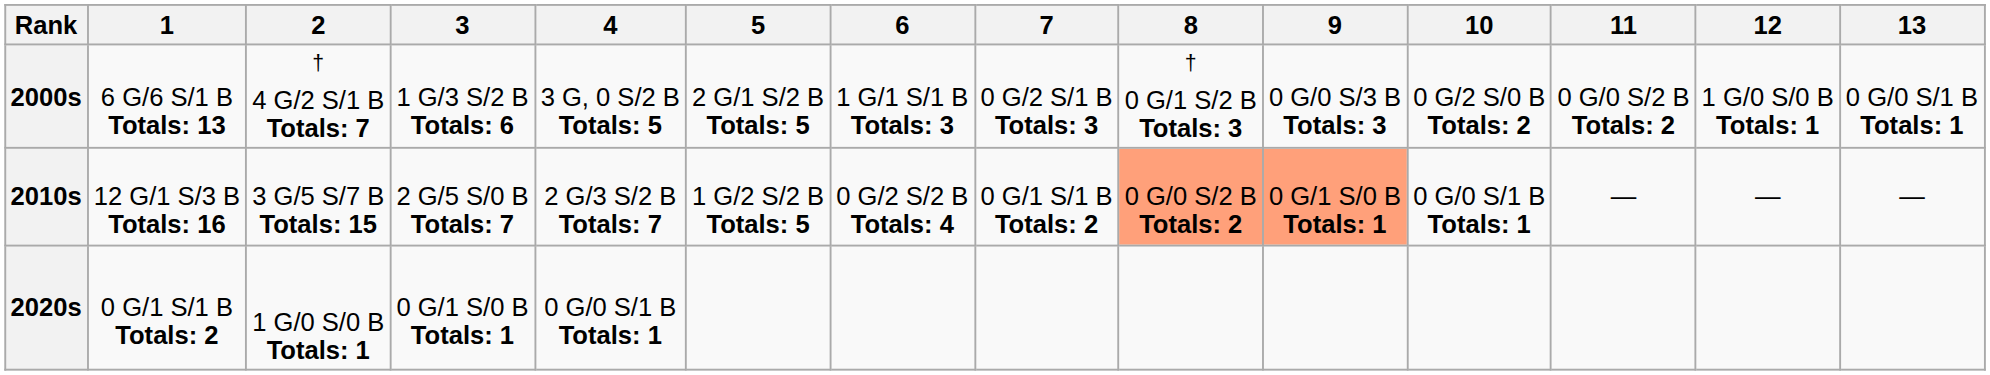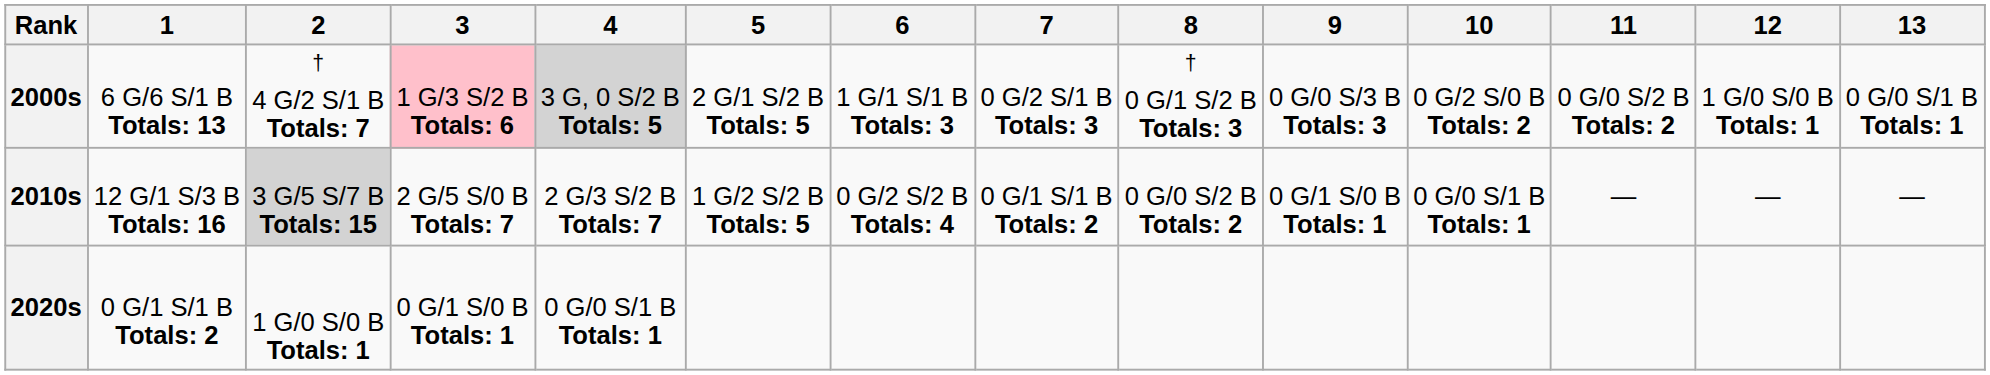 <table class="wikitable" style="text-align: center; font-size: 85%; margin-left: 1em;">
 <tr>
 <th>Rank</th>
 <th>1</th>
 <th>2</th>
 <th>3</th>
 <th>4</th>
 <th>5</th>
 <th>6</th>
 <th>7</th>
 <th>8</th>
 <th>9</th>
 <th>10</th>
 <th>11</th>
 <th>12</th>
 <th>13</th>
 </tr>
 <tr>
 <th>2000s</th>
 <td><br>6 G/6 S/1 B<br><strong>Totals: 13</strong></td>
 <td><em></em><sup>†</sup><br>4 G/2 S/1 B<br><strong>Totals: 7</strong></td>
-<td><br>1 G/3 S/2 B<br><strong>Totals: 6</strong></td>
-<td><br>3 G, 0 S/2 B<br><strong>Totals: 5</strong></td>
+<td style="background: pink;"><br>1 G/3 S/2 B<br><strong>Totals: 6</strong></td>
+<td style="background: lightgrey;"><br>3 G, 0 S/2 B<br><strong>Totals: 5</strong></td>
 <td><br>2 G/1 S/2 B<br><strong>Totals: 5</strong></td>
 <td><br>1 G/1 S/1 B<br><strong>Totals: 3</strong></td>
 <td><br>0 G/2 S/1 B<br><strong>Totals: 3</strong></td>
 <td><em></em><sup>†</sup><br>0 G/1 S/2 B<br><strong>Totals: 3</strong></td>
 <td><br>0 G/0 S/3 B<br><strong>Totals: 3</strong></td>
 <td><br>0 G/2 S/0 B<br><strong>Totals: 2</strong></td>
 <td><br>0 G/0 S/2 B<br><strong>Totals: 2</strong></td>
 <td><br>1 G/0 S/0 B<br><strong>Totals: 1</strong></td>
 <td><br>0 G/0 S/1 B<br><strong>Totals: 1</strong></td>
 </tr>
 <tr>
 <th>2010s</th>
 <td><br>12 G/1 S/3 B<br><strong>Totals: 16</strong></td>
-<td><br>3 G/5 S/7 B<br><strong>Totals: 15</strong></td>
+<td style="background: lightgrey;"><br>3 G/5 S/7 B<br><strong>Totals: 15</strong></td>
 <td><br>2 G/5 S/0 B<br><strong>Totals: 7</strong></td>
 <td><br>2 G/3 S/2 B<br><strong>Totals: 7</strong></td>
 <td><br>1 G/2 S/2 B<br><strong>Totals: 5</strong></td>
 <td><br>0 G/2 S/2 B<br><strong>Totals: 4</strong></td>
 <td><br>0 G/1 S/1 B<br><strong>Totals: 2</strong></td>
-<td style="background: lightsalmon;"><br>0 G/0 S/2 B<br><strong>Totals: 2</strong></td>
-<td style="background: lightsalmon;"><br>0 G/1 S/0 B<br><strong>Totals: 1</strong></td>
+<td><br>0 G/0 S/2 B<br><strong>Totals: 2</strong></td>
+<td><br>0 G/1 S/0 B<br><strong>Totals: 1</strong></td>
 <td><br>0 G/0 S/1 B<br><strong>Totals: 1</strong></td>
 <td>—</td>
 <td>—</td>
 <td>—</td>
 </tr>
 <tr>
 <th>2020s</th>
 <td><br>0 G/1 S/1 B<br><strong>Totals: 2</strong></td>
 <td><br><br>1 G/0 S/0 B<br><strong>Totals: 1</strong></td>
 <td><br>0 G/1 S/0 B<br><strong>Totals: 1</strong></td>
 <td><br>0 G/0 S/1 B<br><strong>Totals: 1</strong></td>
 <td></td>
 <td></td>
 <td></td>
 <td></td>
 <td></td>
 <td></td>
 <td></td>
 <td></td>
 <td></td>
 </tr>
 </table>
